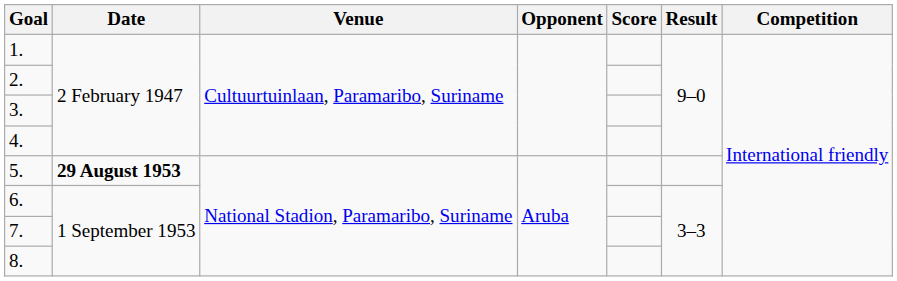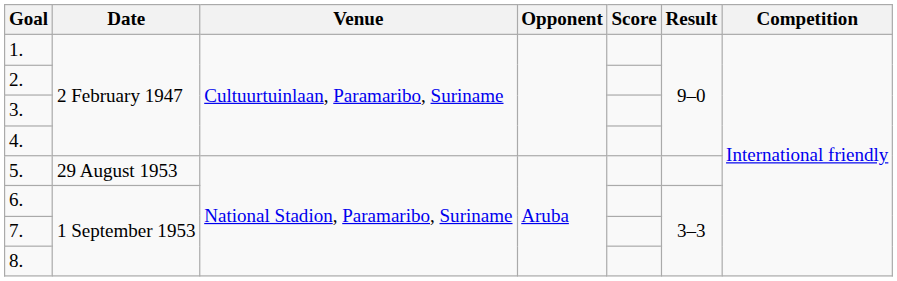 <table class="wikitable collapsible">
 <tr>
 <th>Goal</th>
 <th>Date</th>
 <th>Venue</th>
 <th>Opponent</th>
 <th>Score</th>
 <th>Result</th>
 <th>Competition</th>
 </tr>
 <tr>
 <td>1.</td>
 <td rowspan=4>2 February 1947</td>
 <td rowspan=4><a href='#'>Cultuurtuinlaan</a>, <a href='#'>Paramaribo</a>, <a href='#'>Suriname</a></td>
 <td rowspan=4></td>
 <td></td>
 <td rowspan=4 style="text-align:center;">9–0</td>
 <td rowspan=8><a href='#'>International friendly</a></td>
 </tr>
 <tr>
 <td>2.</td>
 <td></td>
 </tr>
 <tr>
 <td>3.</td>
 <td></td>
 </tr>
 <tr>
 <td>4.</td>
 <td></td>
 </tr>
 <tr>
 <td>5.</td>
-<td><strong>29 August 1953</strong></td>
+<td>29 August 1953</td>
 <td rowspan=4><a href='#'>National Stadion</a>, <a href='#'>Paramaribo</a>, <a href='#'>Suriname</a></td>
 <td rowspan=4> <a href='#'>Aruba</a></td>
 <td></td>
 <td></td>
 </tr>
 <tr>
 <td>6.</td>
 <td rowspan=3>1 September 1953</td>
 <td></td>
 <td rowspan=3 style="text-align:center;">3–3</td>
 </tr>
 <tr>
 <td>7.</td>
 <td></td>
 </tr>
 <tr>
 <td>8.</td>
 <td></td>
 </tr>
 </table>
